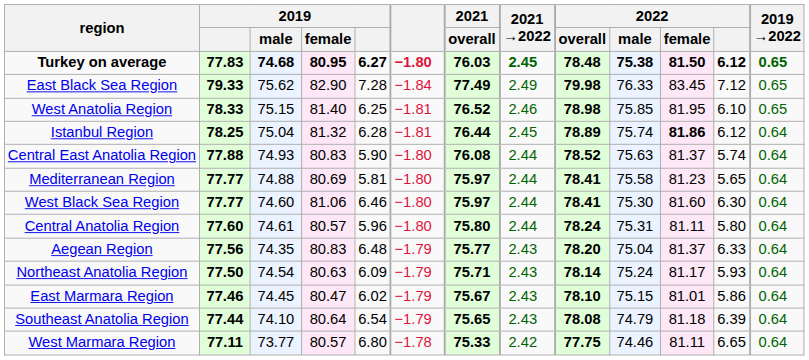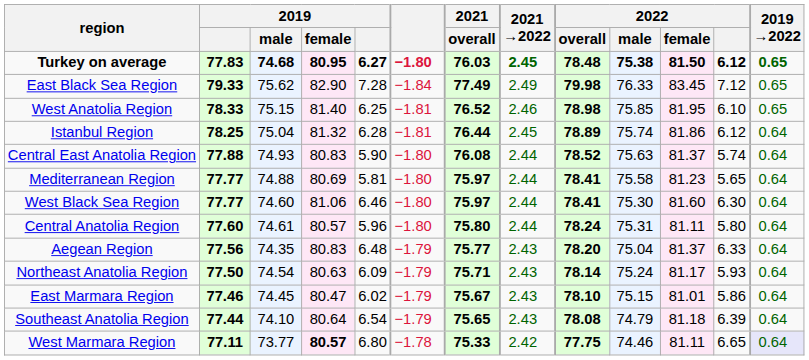 <table class="wikitable sortable mw-datatable static-row-numbers sort-under col1left col6right col8right col13right" style="text-align:center;">
 <tr>
 <th rowspan=2 style="vertical-align:middle;">region</th>
 <th colspan=4>2019</th>
 <th rowspan=2 style="vertical-align:middle;border-left-width:2px;"></th>
 <th style="border-left-width:2px;">2021</th>
 <th rowspan=2 style="vertical-align:middle;border-left-width:2px;">2021<br>→2022</th>
 <th colspan=4 style="border-left-width:2px;">2022</th>
 <th rowspan=2 style="vertical-align:middle;border-left-width:2px;">2019<br>→2022</th>
 </tr>
 <tr>
 <th style="vertical-align:middle;min-width:3em;"></th>
 <th style="vertical-align:middle;min-width:3em;">male</th>
 <th style="vertical-align:middle;min-width:3em;">female</th>
 <th></th>
 <th style="vertical-align:middle;min-width:3em;border-left-width:2px;">overall</th>
 <th style="vertical-align:middle;min-width:3em;border-left-width:2px;">overall</th>
 <th style="vertical-align:middle;min-width:3em;">male</th>
 <th style="vertical-align:middle;min-width:3em;">female</th>
 <th></th>
 </tr>
 <tr class=static-row-header>
 <td><strong>Turkey on average</strong></td>
 <td style="background:#e0ffd8;"><strong>77.83</strong></td>
 <td style="background:#eaf3ff;"><strong>74.68</strong></td>
 <td style="background:#fee7f6;"><strong>80.95</strong></td>
 <td><strong>6.27</strong></td>
 <td style="padding-right:1.5ex;color:crimson;border-left-width:2px;"><strong>−1.80</strong></td>
 <td style="background:#e0ffd8;border-left-width:2px;"><strong>76.03</strong></td>
 <td style="padding-right:1.5ex;color:darkgreen;border-left-width:2px;"><strong>2.45</strong></td>
 <td style="background:#e0ffd8;border-left-width:2px;"><strong>78.48</strong></td>
 <td style="background:#eaf3ff;"><strong>75.38</strong></td>
 <td style="background:#fee7f6;"><strong>81.50</strong></td>
 <td><strong>6.12</strong></td>
 <td style="padding-right:1.5ex;color:darkgreen;border-left-width:2px;"><strong>0.65</strong></td>
 </tr>
 <tr>
 <td><a href='#'>East Black Sea Region</a></td>
 <td style="background:#e0ffd8;"><strong>79.33</strong></td>
 <td style="background:#eaf3ff;">75.62</td>
 <td style="background:#fee7f6;">82.90</td>
 <td>7.28</td>
 <td style="padding-right:1.5ex;color:crimson;border-left-width:2px;">−1.84</td>
 <td style="background:#e0ffd8;border-left-width:2px;"><strong>77.49</strong></td>
 <td style="padding-right:1.5ex;color:darkgreen;border-left-width:2px;">2.49</td>
 <td style="background:#e0ffd8;border-left-width:2px;"><strong>79.98</strong></td>
 <td style="background:#eaf3ff;">76.33</td>
 <td style="background:#fee7f6;">83.45</td>
 <td>7.12</td>
 <td style="padding-right:1.5ex;color:darkgreen;border-left-width:2px;">0.65</td>
 </tr>
 <tr>
 <td><a href='#'>West Anatolia Region</a></td>
 <td style="background:#e0ffd8;"><strong>78.33</strong></td>
 <td style="background:#eaf3ff;">75.15</td>
 <td style="background:#fee7f6;">81.40</td>
 <td>6.25</td>
 <td style="padding-right:1.5ex;color:crimson;border-left-width:2px;">−1.81</td>
 <td style="background:#e0ffd8;border-left-width:2px;"><strong>76.52</strong></td>
 <td style="padding-right:1.5ex;color:darkgreen;border-left-width:2px;">2.46</td>
 <td style="background:#e0ffd8;border-left-width:2px;"><strong>78.98</strong></td>
 <td style="background:#eaf3ff;">75.85</td>
 <td style="background:#fee7f6;">81.95</td>
 <td>6.10</td>
 <td style="padding-right:1.5ex;color:darkgreen;border-left-width:2px;">0.65</td>
 </tr>
 <tr>
 <td><a href='#'>Istanbul Region</a></td>
 <td style="background:#e0ffd8;"><strong>78.25</strong></td>
 <td style="background:#eaf3ff;">75.04</td>
 <td style="background:#fee7f6;">81.32</td>
 <td>6.28</td>
 <td style="padding-right:1.5ex;color:crimson;border-left-width:2px;">−1.81</td>
 <td style="background:#e0ffd8;border-left-width:2px;"><strong>76.44</strong></td>
 <td style="padding-right:1.5ex;color:darkgreen;border-left-width:2px;">2.45</td>
 <td style="background:#e0ffd8;border-left-width:2px;"><strong>78.89</strong></td>
 <td style="background:#eaf3ff;">75.74</td>
-<td style="background:#fee7f6;"><strong>81.86</strong></td>
+<td style="background:#fee7f6;">81.86</td>
 <td>6.12</td>
 <td style="padding-right:1.5ex;color:darkgreen;border-left-width:2px;">0.64</td>
 </tr>
 <tr>
 <td><a href='#'>Central East Anatolia Region</a></td>
 <td style="background:#e0ffd8;"><strong>77.88</strong></td>
 <td style="background:#eaf3ff;">74.93</td>
 <td style="background:#fee7f6;">80.83</td>
 <td>5.90</td>
 <td style="padding-right:1.5ex;color:crimson;border-left-width:2px;">−1.80</td>
 <td style="background:#e0ffd8;border-left-width:2px;"><strong>76.08</strong></td>
 <td style="padding-right:1.5ex;color:darkgreen;border-left-width:2px;">2.44</td>
 <td style="background:#e0ffd8;border-left-width:2px;"><strong>78.52</strong></td>
 <td style="background:#eaf3ff;">75.63</td>
 <td style="background:#fee7f6;">81.37</td>
 <td>5.74</td>
 <td style="padding-right:1.5ex;color:darkgreen;border-left-width:2px;">0.64</td>
 </tr>
 <tr>
 <td><a href='#'>Mediterranean Region</a></td>
 <td style="background:#e0ffd8;"><strong>77.77</strong></td>
 <td style="background:#eaf3ff;">74.88</td>
 <td style="background:#fee7f6;">80.69</td>
 <td>5.81</td>
 <td style="padding-right:1.5ex;color:crimson;border-left-width:2px;">−1.80</td>
 <td style="background:#e0ffd8;border-left-width:2px;"><strong>75.97</strong></td>
 <td style="padding-right:1.5ex;color:darkgreen;border-left-width:2px;">2.44</td>
 <td style="background:#e0ffd8;border-left-width:2px;"><strong>78.41</strong></td>
 <td style="background:#eaf3ff;">75.58</td>
 <td style="background:#fee7f6;">81.23</td>
 <td>5.65</td>
 <td style="padding-right:1.5ex;color:darkgreen;border-left-width:2px;">0.64</td>
 </tr>
 <tr>
 <td><a href='#'>West Black Sea Region</a></td>
 <td style="background:#e0ffd8;"><strong>77.77</strong></td>
 <td style="background:#eaf3ff;">74.60</td>
 <td style="background:#fee7f6;">81.06</td>
 <td>6.46</td>
 <td style="padding-right:1.5ex;color:crimson;border-left-width:2px;">−1.80</td>
 <td style="background:#e0ffd8;border-left-width:2px;"><strong>75.97</strong></td>
 <td style="padding-right:1.5ex;color:darkgreen;border-left-width:2px;">2.44</td>
 <td style="background:#e0ffd8;border-left-width:2px;"><strong>78.41</strong></td>
 <td style="background:#eaf3ff;">75.30</td>
 <td style="background:#fee7f6;">81.60</td>
 <td>6.30</td>
 <td style="padding-right:1.5ex;color:darkgreen;border-left-width:2px;">0.64</td>
 </tr>
 <tr>
 <td><a href='#'>Central Anatolia Region</a></td>
 <td style="background:#e0ffd8;"><strong>77.60</strong></td>
 <td style="background:#eaf3ff;">74.61</td>
 <td style="background:#fee7f6;">80.57</td>
 <td>5.96</td>
 <td style="padding-right:1.5ex;color:crimson;border-left-width:2px;">−1.80</td>
 <td style="background:#e0ffd8;border-left-width:2px;"><strong>75.80</strong></td>
 <td style="padding-right:1.5ex;color:darkgreen;border-left-width:2px;">2.44</td>
 <td style="background:#e0ffd8;border-left-width:2px;"><strong>78.24</strong></td>
 <td style="background:#eaf3ff;">75.31</td>
 <td style="background:#fee7f6;">81.11</td>
 <td>5.80</td>
 <td style="padding-right:1.5ex;color:darkgreen;border-left-width:2px;">0.64</td>
 </tr>
 <tr>
 <td><a href='#'>Aegean Region</a></td>
 <td style="background:#e0ffd8;"><strong>77.56</strong></td>
 <td style="background:#eaf3ff;">74.35</td>
 <td style="background:#fee7f6;">80.83</td>
 <td>6.48</td>
 <td style="padding-right:1.5ex;color:crimson;border-left-width:2px;">−1.79</td>
 <td style="background:#e0ffd8;border-left-width:2px;"><strong>75.77</strong></td>
 <td style="padding-right:1.5ex;color:darkgreen;border-left-width:2px;">2.43</td>
 <td style="background:#e0ffd8;border-left-width:2px;"><strong>78.20</strong></td>
 <td style="background:#eaf3ff;">75.04</td>
 <td style="background:#fee7f6;">81.37</td>
 <td>6.33</td>
 <td style="padding-right:1.5ex;color:darkgreen;border-left-width:2px;">0.64</td>
 </tr>
 <tr>
 <td><a href='#'>Northeast Anatolia Region</a></td>
 <td style="background:#e0ffd8;"><strong>77.50</strong></td>
 <td style="background:#eaf3ff;">74.54</td>
 <td style="background:#fee7f6;">80.63</td>
 <td>6.09</td>
 <td style="padding-right:1.5ex;color:crimson;border-left-width:2px;">−1.79</td>
 <td style="background:#e0ffd8;border-left-width:2px;"><strong>75.71</strong></td>
 <td style="padding-right:1.5ex;color:darkgreen;border-left-width:2px;">2.43</td>
 <td style="background:#e0ffd8;border-left-width:2px;"><strong>78.14</strong></td>
 <td style="background:#eaf3ff;">75.24</td>
 <td style="background:#fee7f6;">81.17</td>
 <td>5.93</td>
 <td style="padding-right:1.5ex;color:darkgreen;border-left-width:2px;">0.64</td>
 </tr>
 <tr>
 <td><a href='#'>East Marmara Region</a></td>
 <td style="background:#e0ffd8;"><strong>77.46</strong></td>
 <td style="background:#eaf3ff;">74.45</td>
 <td style="background:#fee7f6;">80.47</td>
 <td>6.02</td>
 <td style="padding-right:1.5ex;color:crimson;border-left-width:2px;">−1.79</td>
 <td style="background:#e0ffd8;border-left-width:2px;"><strong>75.67</strong></td>
 <td style="padding-right:1.5ex;color:darkgreen;border-left-width:2px;">2.43</td>
 <td style="background:#e0ffd8;border-left-width:2px;"><strong>78.10</strong></td>
 <td style="background:#eaf3ff;">75.15</td>
 <td style="background:#fee7f6;">81.01</td>
 <td>5.86</td>
 <td style="padding-right:1.5ex;color:darkgreen;border-left-width:2px;">0.64</td>
 </tr>
 <tr>
 <td><a href='#'>Southeast Anatolia Region</a></td>
 <td style="background:#e0ffd8;"><strong>77.44</strong></td>
 <td style="background:#eaf3ff;">74.10</td>
 <td style="background:#fee7f6;">80.64</td>
 <td>6.54</td>
 <td style="padding-right:1.5ex;color:crimson;border-left-width:2px;">−1.79</td>
 <td style="background:#e0ffd8;border-left-width:2px;"><strong>75.65</strong></td>
 <td style="padding-right:1.5ex;color:darkgreen;border-left-width:2px;">2.43</td>
 <td style="background:#e0ffd8;border-left-width:2px;"><strong>78.08</strong></td>
 <td style="background:#eaf3ff;">74.79</td>
 <td style="background:#fee7f6;">81.18</td>
 <td>6.39</td>
 <td style="padding-right:1.5ex;color:darkgreen;border-left-width:2px;">0.64</td>
 </tr>
 <tr>
 <td><a href='#'>West Marmara Region</a></td>
 <td style="background:#e0ffd8;"><strong>77.11</strong></td>
 <td style="background:#eaf3ff;">73.77</td>
-<td style="background:#fee7f6;">80.57</td>
+<td style="background:#fee7f6;"><strong>80.57</strong></td>
 <td>6.80</td>
 <td style="padding-right:1.5ex;color:crimson;border-left-width:2px;">−1.78</td>
 <td style="background:#e0ffd8;border-left-width:2px;"><strong>75.33</strong></td>
 <td style="padding-right:1.5ex;color:darkgreen;border-left-width:2px;">2.42</td>
 <td style="background:#e0ffd8;border-left-width:2px;"><strong>77.75</strong></td>
 <td style="background:#eaf3ff;">74.46</td>
 <td style="background:#fee7f6;">81.11</td>
 <td>6.65</td>
-<td style="padding-right:1.5ex;color:darkgreen;border-left-width:2px;">0.64</td>
+<td style="background: lavender; padding-right:1.5ex;color:darkgreen;border-left-width:2px;">0.64</td>
 </tr>
 </table>
